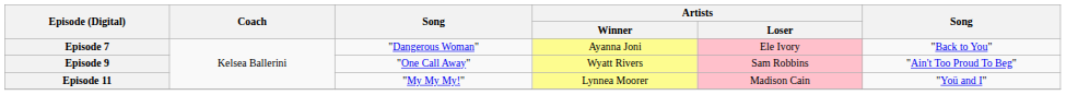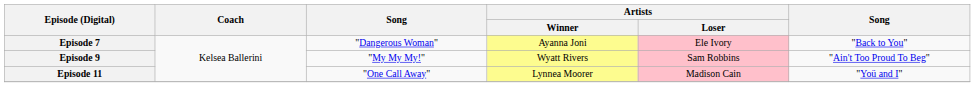 <table class="wikitable" style="text-align: center; width:100%;">
 <tr>
 <th rowspan="2" style="width:15%;">Episode (Digital)</th>
 <th rowspan="2" style="width:15%;">Coach</th>
 <th rowspan="2" style="width:18%;">Song</th>
 <th colspan="2" style="width:30%;">Artists</th>
 <th rowspan="2" style="width:18%;">Song</th>
 </tr>
 <tr>
 <th style="width:15%;">Winner</th>
 <th style="width:15%;">Loser</th>
 </tr>
 <tr>
 <th>Episode 7<br><small></small></th>
 <td rowspan="3">Kelsea Ballerini</td>
 <td>"<a href='#'>Dangerous Woman</a>"</td>
 <td style="background:#fdfc8f;">Ayanna Joni</td>
 <td style="background:pink;">Ele Ivory</td>
 <td>"<a href='#'>Back to You</a>"</td>
 </tr>
 <tr>
 <th>Episode 9<br><small></small></th>
-<td>"<a href='#'>One Call Away</a>"</td>
+<td>"<a href='#'>My My My!</a>"</td>
 <td style="background:#fdfc8f;">Wyatt Rivers</td>
 <td style="background:pink;">Sam Robbins</td>
 <td>"<a href='#'>Ain't Too Proud To Beg</a>"</td>
 </tr>
 <tr>
 <th>Episode 11<br><small></small></th>
-<td>"<a href='#'>My My My!</a>"</td>
+<td>"<a href='#'>One Call Away</a>"</td>
 <td style="background:#fdfc8f;">Lynnea Moorer</td>
 <td style="background:pink;">Madison Cain</td>
 <td>"<a href='#'>Yoü and I</a>"</td>
 </tr>
 <tr>
 </tr>
 </table>
